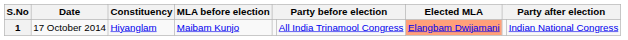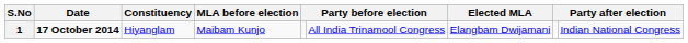 <table class="wikitable sortable">
 <tr>
 <th>S.No</th>
 <th>Date</th>
 <th>Constituency</th>
 <th>MLA before election</th>
 <th colspan="2">Party before election</th>
 <th>Elected MLA</th>
 <th colspan="2">Party after election</th>
 </tr>
 <tr>
 <th>1</th>
-<td>17 October 2014</td>
+<td><strong>17 October 2014</strong></td>
 <td><a href='#'>Hiyanglam</a></td>
 <td><a href='#'>Maibam Kunjo</a></td>
 <td></td>
 <td><a href='#'>All India Trinamool Congress</a></td>
-<td style="background: lightsalmon;"><a href='#'>Elangbam Dwijamani</a></td>
+<td><a href='#'>Elangbam Dwijamani</a></td>
 <td></td>
 <td><a href='#'>Indian National Congress</a></td>
 </tr>
 </table>
